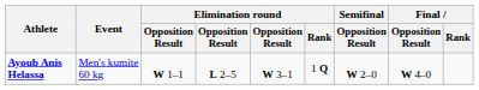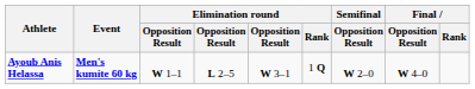 <table class=wikitable style=font-size:90%;text-align:center>
 <tr>
 <th rowspan=2>Athlete</th>
 <th rowspan=2>Event</th>
 <th colspan=4>Elimination round</th>
 <th>Semifinal</th>
 <th colspan=2>Final / </th>
 </tr>
 <tr style=font-size:95%>
 <th>Opposition<br>Result</th>
 <th>Opposition<br>Result</th>
 <th>Opposition<br>Result</th>
 <th>Rank</th>
 <th>Opposition<br>Result</th>
 <th>Opposition<br>Result</th>
 <th>Rank</th>
 </tr>
 <tr>
 <td align=left><strong><a href='#'>Ayoub Anis Helassa</a></strong></td>
-<td align=left><a href='#'>Men's kumite 60 kg</a></td>
+<td align=left><strong><a href='#'>Men's kumite 60 kg</a></strong></td>
 <td><br><strong>W</strong> 1–1</td>
 <td><br><strong>L</strong> 2–5</td>
 <td><br><strong>W</strong> 3–1</td>
 <td>1 <strong>Q</strong></td>
 <td><br><strong>W</strong> 2–0</td>
 <td><br><strong>W</strong> 4–0</td>
 <td></td>
 </tr>
 </table>
